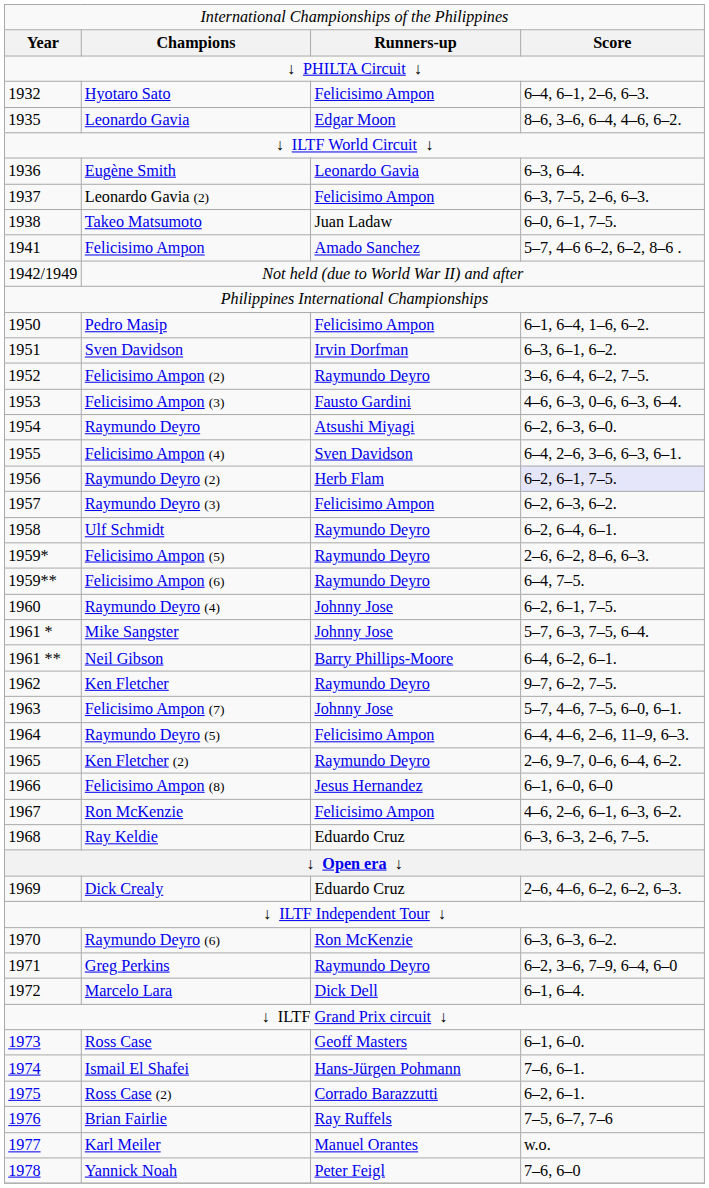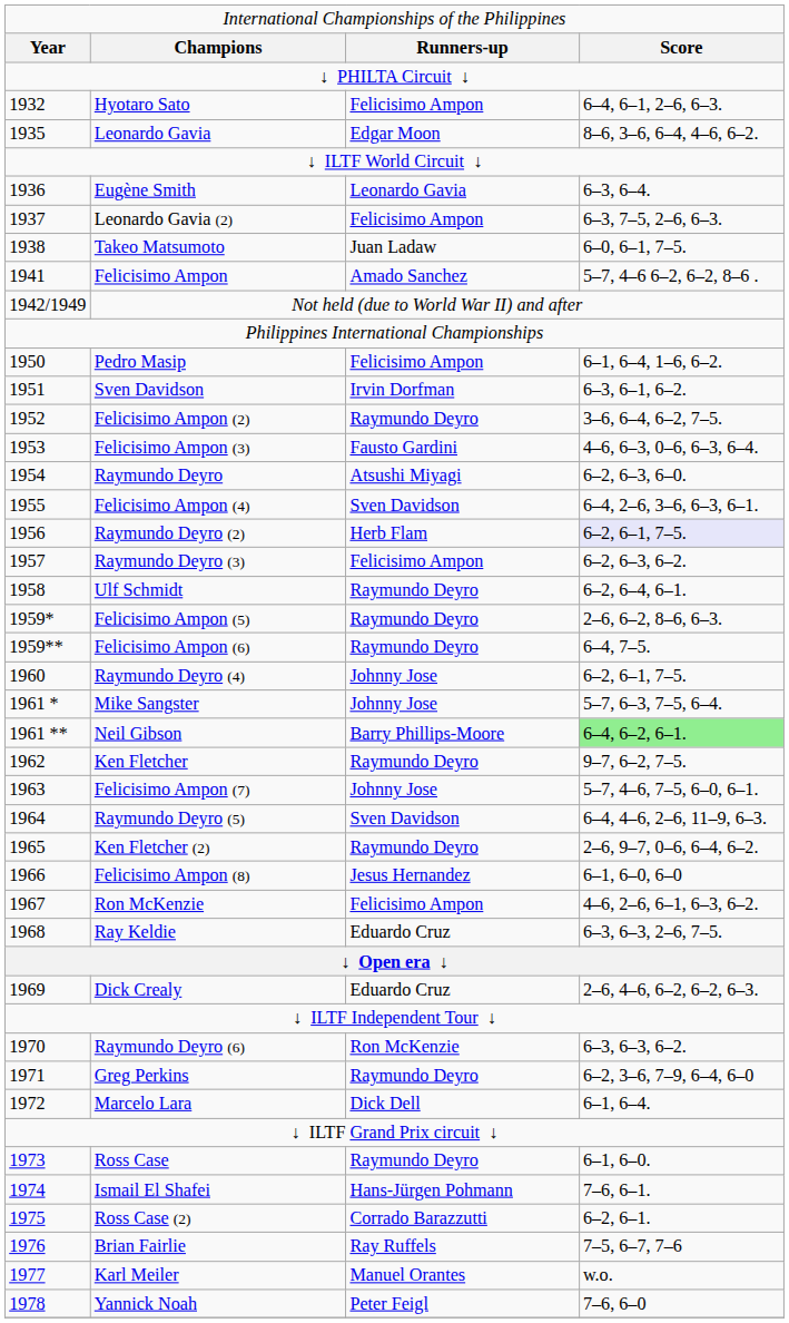 <table class="wikitable">
 <tr>
 <td colspan=4 align=center><em>International Championships of the Philippines</em></td>
 </tr>
 <tr>
 <th style="width:50px">Year</th>
 <th style="width:220px">Champions</th>
 <th style="width:200px">Runners-up</th>
 <th style="width:175px" class="unsortable">Score</th>
 </tr>
 <tr>
 <td colspan=5 align=center>↓  <a href='#'>PHILTA Circuit</a>  ↓</td>
 </tr>
 <tr>
 <td>1932</td>
 <td> <a href='#'>Hyotaro Sato</a></td>
 <td> <a href='#'>Felicisimo Ampon</a></td>
 <td>6–4, 6–1, 2–6, 6–3.</td>
 </tr>
 <tr>
 <td>1935</td>
 <td> <a href='#'>Leonardo Gavia</a></td>
 <td> <a href='#'>Edgar Moon</a></td>
 <td>8–6, 3–6, 6–4, 4–6, 6–2.</td>
 </tr>
 <tr>
 <td colspan=5 align=center>↓  <a href='#'>ILTF World Circuit</a>  ↓</td>
 </tr>
 <tr>
 <td>1936</td>
 <td> <a href='#'>Eugène Smith</a></td>
 <td> <a href='#'>Leonardo Gavia</a></td>
 <td>6–3, 6–4.</td>
 </tr>
 <tr>
 <td>1937</td>
 <td> Leonardo Gavia <small>(2)</small></td>
 <td> <a href='#'>Felicisimo Ampon</a></td>
 <td>6–3, 7–5, 2–6, 6–3.</td>
 </tr>
 <tr>
 <td>1938</td>
 <td>  <a href='#'>Takeo Matsumoto</a></td>
 <td> Juan Ladaw</td>
 <td>6–0, 6–1, 7–5.</td>
 </tr>
 <tr>
 <td>1941</td>
 <td>  <a href='#'>Felicisimo Ampon</a></td>
 <td> <a href='#'>Amado Sanchez</a></td>
 <td>5–7, 4–6 6–2, 6–2, 8–6 .</td>
 </tr>
 <tr>
 <td>1942/1949</td>
 <td colspan=4 align=center><em>Not held (due to World War II) and after</em></td>
 </tr>
 <tr>
 <td colspan=4 align=center><em>Philippines International Championships</em></td>
 </tr>
 <tr>
 <td>1950</td>
 <td> <a href='#'>Pedro Masip</a></td>
 <td> <a href='#'>Felicisimo Ampon</a></td>
 <td>6–1, 6–4, 1–6, 6–2.</td>
 </tr>
 <tr>
 <td>1951</td>
 <td> <a href='#'>Sven Davidson</a></td>
 <td> <a href='#'>Irvin Dorfman</a></td>
 <td>6–3, 6–1, 6–2.</td>
 </tr>
 <tr>
 <td>1952</td>
 <td> <a href='#'>Felicisimo Ampon</a> <small>(2)</small></td>
 <td> <a href='#'>Raymundo Deyro</a></td>
 <td>3–6, 6–4, 6–2, 7–5.</td>
 </tr>
 <tr>
 <td>1953</td>
 <td> <a href='#'>Felicisimo Ampon</a> <small>(3)</small></td>
 <td> <a href='#'>Fausto Gardini</a></td>
 <td>4–6, 6–3, 0–6, 6–3, 6–4.</td>
 </tr>
 <tr>
 <td>1954</td>
 <td> <a href='#'>Raymundo Deyro</a></td>
 <td> <a href='#'>Atsushi Miyagi</a></td>
 <td>6–2, 6–3, 6–0.</td>
 </tr>
 <tr>
 <td>1955</td>
 <td> <a href='#'>Felicisimo Ampon</a> <small>(4)</small></td>
 <td> <a href='#'>Sven Davidson</a></td>
 <td>6–4, 2–6, 3–6, 6–3, 6–1.</td>
 </tr>
 <tr>
 <td>1956</td>
 <td> <a href='#'>Raymundo Deyro</a> <small>(2)</small></td>
 <td> <a href='#'>Herb Flam</a></td>
 <td style="background: lavender;">6–2, 6–1, 7–5.</td>
 </tr>
 <tr>
 <td>1957</td>
 <td> <a href='#'>Raymundo Deyro</a> <small>(3)</small></td>
 <td> <a href='#'>Felicisimo Ampon</a></td>
 <td>6–2, 6–3, 6–2.</td>
 </tr>
 <tr>
 <td>1958</td>
 <td> <a href='#'>Ulf Schmidt</a></td>
 <td> <a href='#'>Raymundo Deyro</a></td>
 <td>6–2, 6–4, 6–1.</td>
 </tr>
 <tr>
 <td>1959*</td>
 <td>  <a href='#'>Felicisimo Ampon</a> <small>(5)</small></td>
 <td> <a href='#'>Raymundo Deyro</a></td>
 <td>2–6, 6–2, 8–6, 6–3.</td>
 </tr>
 <tr>
 <td>1959**</td>
 <td> <a href='#'>Felicisimo Ampon</a> <small>(6)</small></td>
 <td> <a href='#'>Raymundo Deyro</a></td>
 <td>6–4, 7–5.</td>
 </tr>
 <tr>
 <td>1960</td>
 <td> <a href='#'>Raymundo Deyro</a> <small>(4)</small></td>
 <td> <a href='#'>Johnny Jose</a></td>
 <td>6–2, 6–1, 7–5.</td>
 </tr>
 <tr>
 <td>1961 *</td>
 <td> <a href='#'>Mike Sangster</a></td>
 <td> <a href='#'>Johnny Jose</a></td>
 <td>5–7, 6–3, 7–5, 6–4.</td>
 </tr>
 <tr>
 <td>1961 **</td>
 <td> <a href='#'>Neil Gibson</a></td>
 <td> <a href='#'>Barry Phillips-Moore</a></td>
-<td>6–4, 6–2, 6–1.</td>
+<td style="background: lightgreen;">6–4, 6–2, 6–1.</td>
 </tr>
 <tr>
 <td>1962</td>
 <td> <a href='#'>Ken Fletcher</a></td>
 <td> <a href='#'>Raymundo Deyro</a></td>
 <td>9–7, 6–2, 7–5.</td>
 </tr>
 <tr>
 <td>1963</td>
 <td> <a href='#'>Felicisimo Ampon</a> <small>(7)</small></td>
 <td> <a href='#'>Johnny Jose</a></td>
 <td>5–7, 4–6, 7–5, 6–0, 6–1.</td>
 </tr>
 <tr>
 <td>1964</td>
 <td> <a href='#'>Raymundo Deyro</a> <small>(5)</small></td>
-<td> <a href='#'>Felicisimo Ampon</a></td>
+<td> <a href='#'>Sven Davidson</a></td>
 <td>6–4, 4–6, 2–6, 11–9, 6–3.</td>
 </tr>
 <tr>
 <td>1965</td>
 <td> <a href='#'>Ken Fletcher</a> <small>(2)</small></td>
 <td> <a href='#'>Raymundo Deyro</a></td>
 <td>2–6, 9–7, 0–6, 6–4, 6–2.</td>
 </tr>
 <tr>
 <td>1966</td>
 <td> <a href='#'>Felicisimo Ampon</a> <small>(8)</small></td>
 <td> <a href='#'>Jesus Hernandez</a></td>
 <td>6–1, 6–0, 6–0</td>
 </tr>
 <tr>
 <td>1967</td>
 <td> <a href='#'>Ron McKenzie</a></td>
 <td> <a href='#'>Felicisimo Ampon</a></td>
 <td>4–6, 2–6, 6–1, 6–3, 6–2.</td>
 </tr>
 <tr>
 <td>1968</td>
 <td> <a href='#'>Ray Keldie</a></td>
 <td> Eduardo Cruz</td>
 <td>6–3, 6–3, 2–6, 7–5.</td>
 </tr>
 <tr>
 <th colspan=4 align=center>↓  <a href='#'>Open era</a>  ↓</th>
 </tr>
 <tr>
 <td>1969</td>
 <td> <a href='#'>Dick Crealy</a></td>
 <td> Eduardo Cruz</td>
 <td>2–6, 4–6, 6–2, 6–2, 6–3.</td>
 </tr>
 <tr>
 <td colspan=5 align=center>↓  <a href='#'>ILTF Independent Tour</a>  ↓</td>
 </tr>
 <tr>
 <td>1970</td>
 <td> <a href='#'>Raymundo Deyro</a> <small>(6)</small></td>
 <td> <a href='#'>Ron McKenzie</a></td>
 <td>6–3, 6–3, 6–2.</td>
 </tr>
 <tr>
 <td>1971</td>
 <td> <a href='#'>Greg Perkins</a></td>
 <td> <a href='#'>Raymundo Deyro</a></td>
 <td>6–2, 3–6, 7–9, 6–4, 6–0</td>
 </tr>
 <tr>
 <td>1972</td>
 <td> <a href='#'>Marcelo Lara</a></td>
 <td> <a href='#'>Dick Dell</a></td>
 <td>6–1, 6–4.</td>
 </tr>
 <tr>
 <td colspan=5 align=center>↓  ILTF <a href='#'>Grand Prix circuit</a>  ↓</td>
 </tr>
 <tr>
 <td><a href='#'>1973</a></td>
 <td> <a href='#'>Ross Case</a></td>
-<td> <a href='#'>Geoff Masters</a></td>
+<td> <a href='#'>Raymundo Deyro</a></td>
 <td>6–1, 6–0.</td>
 </tr>
 <tr>
 <td><a href='#'>1974</a></td>
 <td>  <a href='#'>Ismail El Shafei</a></td>
 <td>  <a href='#'>Hans-Jürgen Pohmann</a></td>
 <td>7–6, 6–1.</td>
 </tr>
 <tr>
 <td><a href='#'>1975</a></td>
 <td> <a href='#'>Ross Case</a> <small>(2)</small></td>
 <td>  <a href='#'>Corrado Barazzutti</a></td>
 <td>6–2, 6–1.</td>
 </tr>
 <tr>
 <td><a href='#'>1976</a></td>
 <td> <a href='#'>Brian Fairlie</a></td>
 <td>  <a href='#'>Ray Ruffels</a></td>
 <td>7–5, 6–7, 7–6</td>
 </tr>
 <tr>
 <td><a href='#'>1977</a></td>
 <td> <a href='#'>Karl Meiler</a></td>
 <td>  <a href='#'>Manuel Orantes</a></td>
 <td>w.o.</td>
 </tr>
 <tr>
 <td><a href='#'>1978</a></td>
 <td> <a href='#'>Yannick Noah</a></td>
 <td>  <a href='#'>Peter Feigl</a></td>
 <td>7–6, 6–0</td>
 </tr>
 <tr>
 </tr>
 </table>
